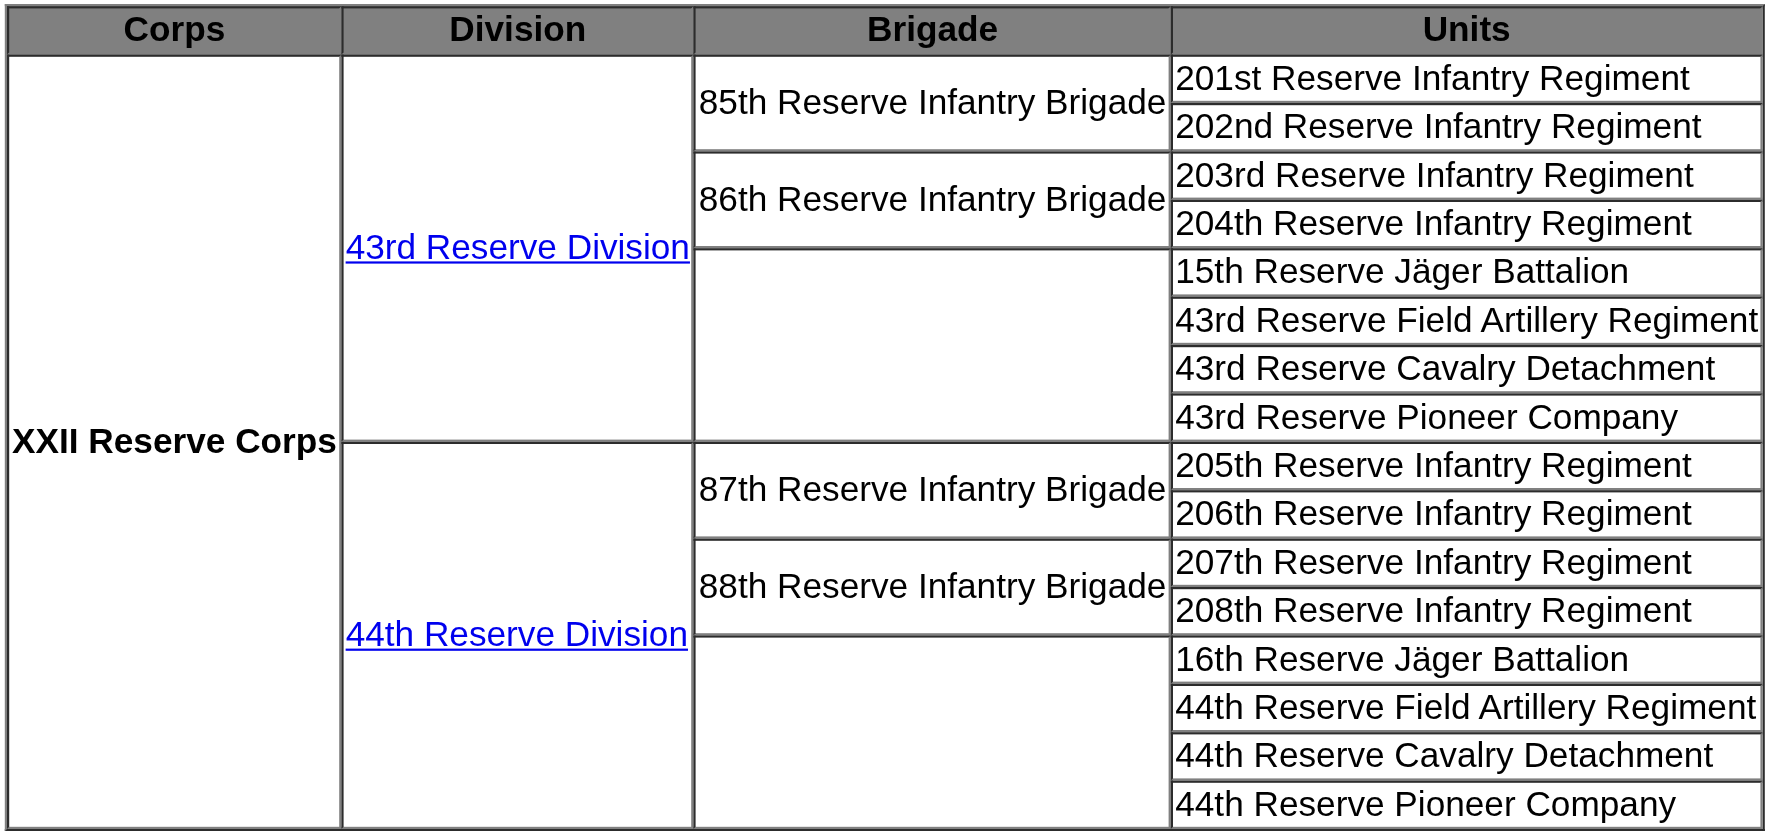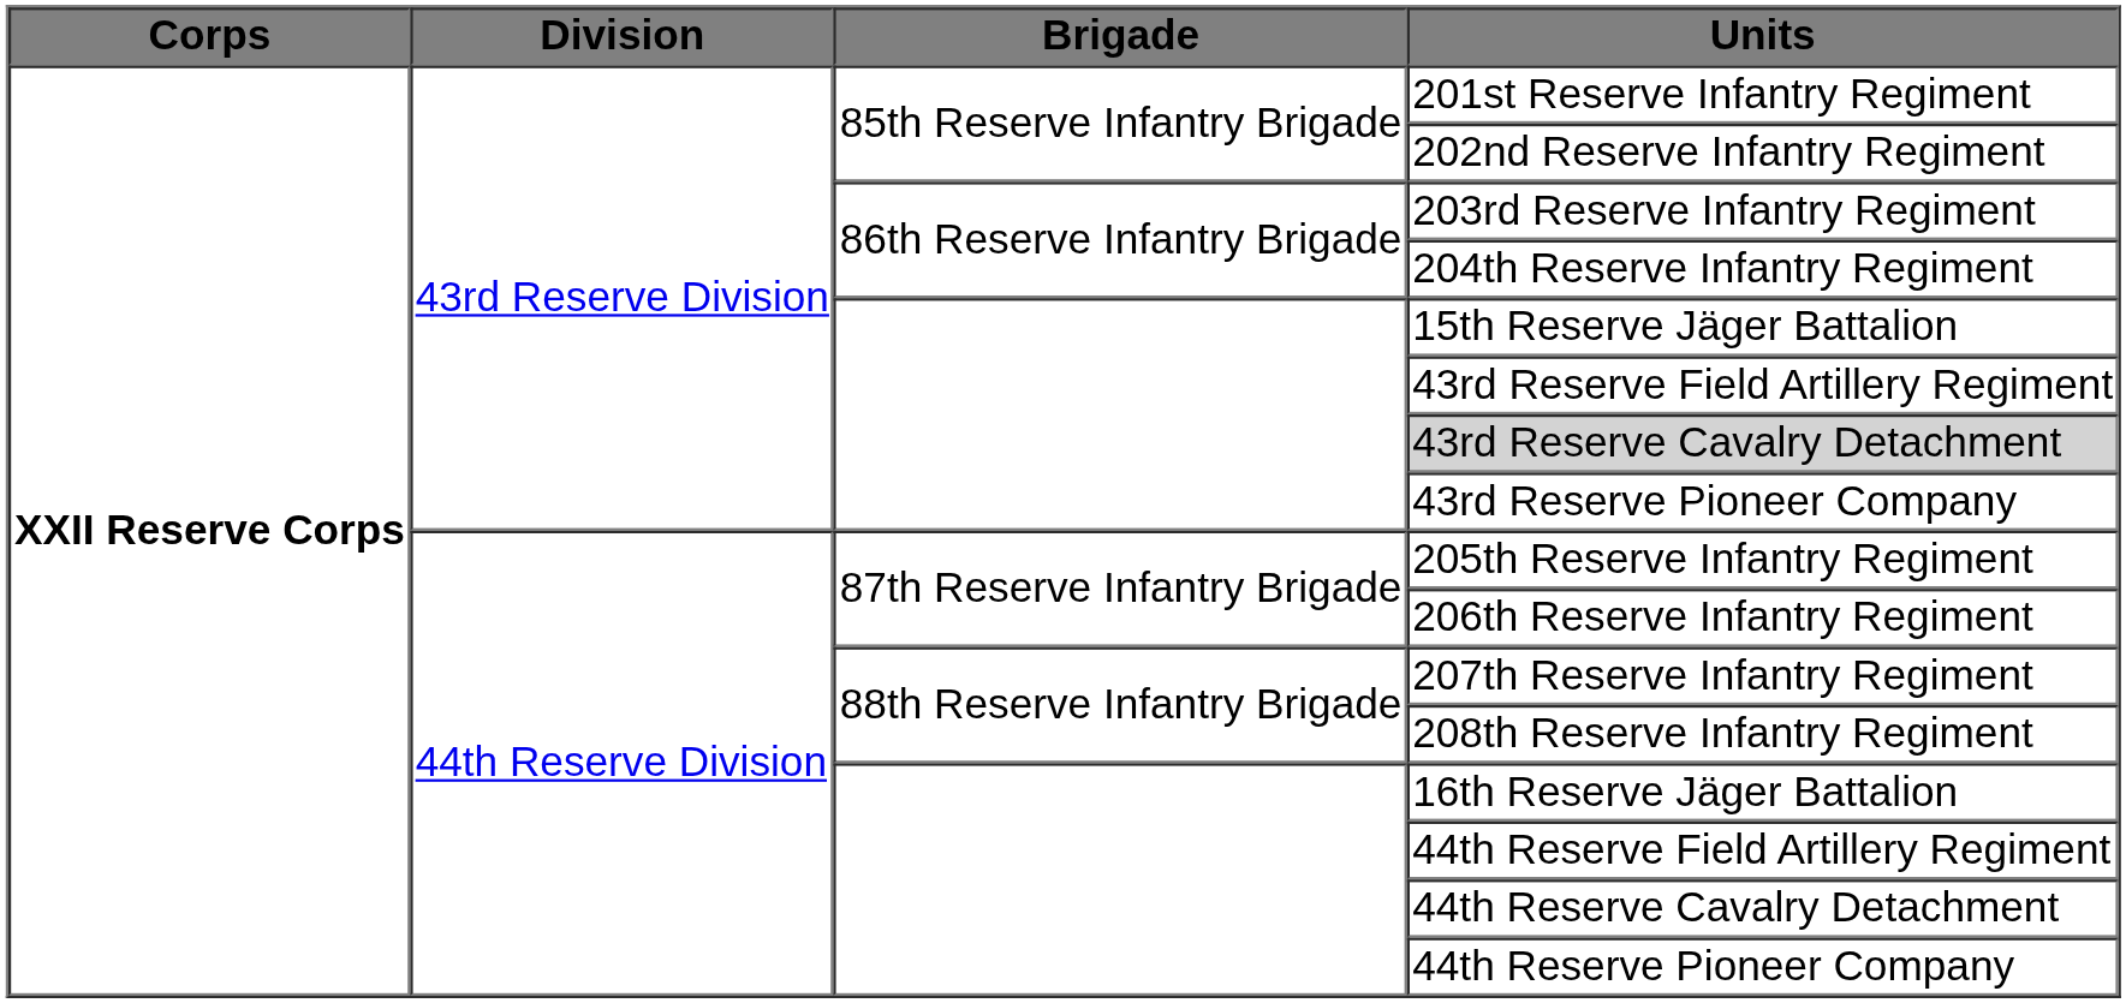 <table style="float: right;" border="1" cellpadding="1" cellspacing="0" style="font-size: 100%; border: gray solid 1px; border-collapse: collapse; text-align: center;">
 <tr style="background-color:grey; color:black;">
 <th>Corps</th>
 <th>Division</th>
 <th>Brigade</th>
 <th>Units</th>
 </tr>
 <tr>
 <td ROWSPAN=16><strong>XXII Reserve Corps</strong></td>
 <td ROWSPAN=8><a href='#'>43rd Reserve Division</a></td>
 <td ROWSPAN=2>85th Reserve Infantry Brigade</td>
 <td>201st Reserve Infantry Regiment</td>
 </tr>
 <tr>
 <td>202nd Reserve Infantry Regiment</td>
 </tr>
 <tr>
 <td ROWSPAN=2>86th Reserve Infantry Brigade</td>
 <td>203rd Reserve Infantry Regiment</td>
 </tr>
 <tr>
 <td>204th Reserve Infantry Regiment</td>
 </tr>
 <tr>
 <td ROWSPAN=4></td>
 <td>15th Reserve Jäger Battalion</td>
 </tr>
 <tr>
 <td>43rd Reserve Field Artillery Regiment</td>
 </tr>
 <tr>
-<td>43rd Reserve Cavalry Detachment</td>
+<td style="background: lightgrey;">43rd Reserve Cavalry Detachment</td>
 </tr>
 <tr>
 <td>43rd Reserve Pioneer Company</td>
 </tr>
 <tr>
 <td ROWSPAN=8><a href='#'>44th Reserve Division</a></td>
 <td ROWSPAN=2>87th Reserve Infantry Brigade</td>
 <td>205th Reserve Infantry Regiment</td>
 </tr>
 <tr>
 <td>206th Reserve Infantry Regiment</td>
 </tr>
 <tr>
 <td ROWSPAN=2>88th Reserve Infantry Brigade</td>
 <td>207th Reserve Infantry Regiment</td>
 </tr>
 <tr>
 <td>208th Reserve Infantry Regiment</td>
 </tr>
 <tr>
 <td ROWSPAN=4></td>
 <td>16th Reserve Jäger Battalion</td>
 </tr>
 <tr>
 <td>44th Reserve Field Artillery Regiment</td>
 </tr>
 <tr>
 <td>44th Reserve Cavalry Detachment</td>
 </tr>
 <tr>
 <td>44th Reserve Pioneer Company</td>
 </tr>
 <tr>
 </tr>
 </table>
